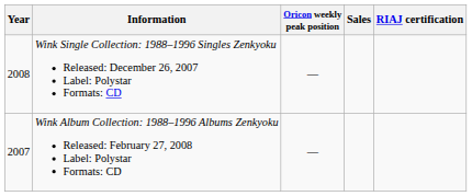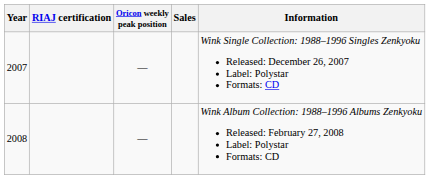 <table class="wikitable">
 <tr>
 <th>Year</th>
-<th>Information</th>
+<th><a href='#'>RIAJ</a> certification</th>
 <th><small><a href='#'>Oricon</a> weekly<br>peak position</small></th>
 <th>Sales<br></th>
-<th><a href='#'>RIAJ</a> certification</th>
+<th>Information</th>
+</tr>
+<tr>
+<td>2007</td>
+<td align="left"></td>
+<td style="text-align:center;">—</td>
+<td align="left"></td>
+<td><em>Wink Single Collection: 1988–1996 Singles Zenkyoku</em><br><ul><li>Released: December 26, 2007</li><li>Label: Polystar</li><li>Formats: <a href='#'>CD</a></li></ul></td>
 </tr>
 <tr>
 <td>2008</td>
-<td><em>Wink Single Collection: 1988–1996 Singles Zenkyoku</em><br><ul><li>Released: December 26, 2007</li><li>Label: Polystar</li><li>Formats: <a href='#'>CD</a></li></ul></td>
+<td align="left"></td>
 <td style="text-align:center;">—</td>
 <td align="left"></td>
-<td align="left"></td>
-</tr>
-<tr>
-<td>2007</td>
 <td><em>Wink Album Collection: 1988–1996 Albums Zenkyoku</em><br><ul><li>Released: February 27, 2008</li><li>Label: Polystar</li><li>Formats: CD</li></ul></td>
-<td style="text-align:center;">—</td>
-<td align="left"></td>
-<td align="left"></td>
 </tr>
 </table>
